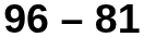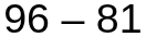 <table style="text-align:center">
 <tr>
 <th width=200></th>
 <th width=100></th>
 <th width=200></th>
 <th></th>
 </tr>
 <tr>
 <td align=right><strong></strong></td>
-<td><strong>96 – 81</strong></td>
+<td>96 – 81</td>
 <td align=left></td>
 </tr>
 </table>
